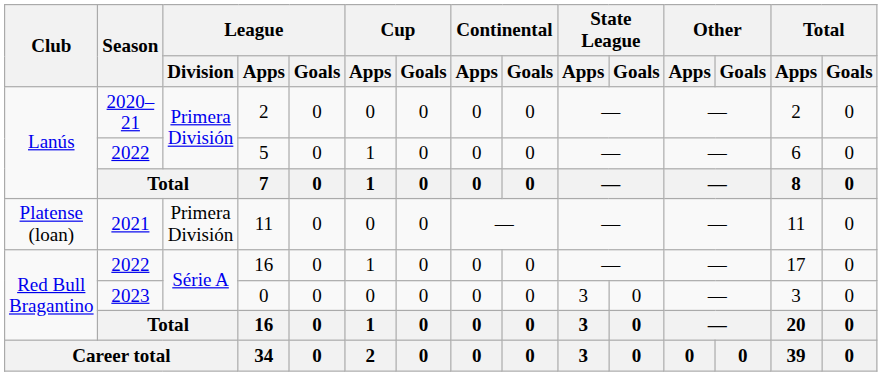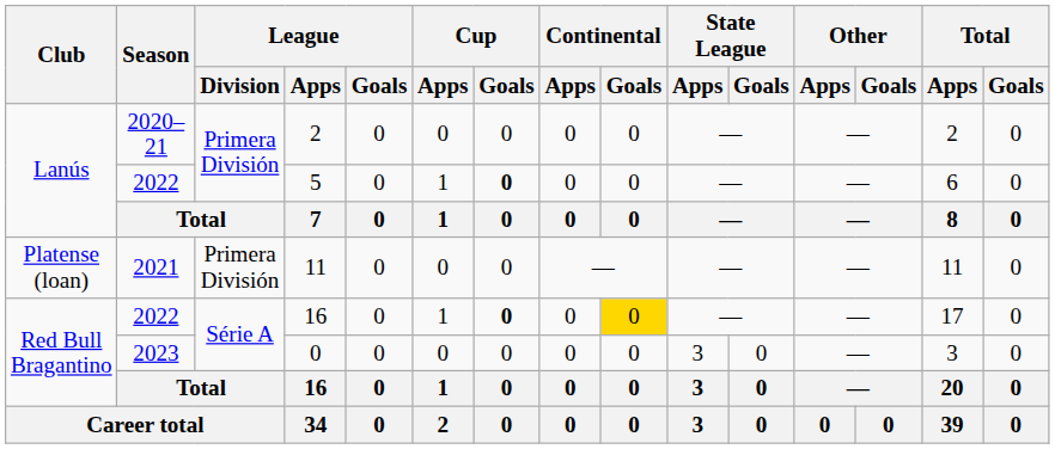 <table class="wikitable" style="text-align:center">
 <tr>
 <th rowspan="2">Club</th>
 <th rowspan="2">Season</th>
 <th colspan="3">League</th>
 <th colspan="2">Cup</th>
 <th colspan="2">Continental</th>
 <th colspan="2">State League</th>
 <th colspan="2">Other</th>
 <th colspan="2">Total</th>
 </tr>
 <tr>
 <th>Division</th>
 <th>Apps</th>
 <th>Goals</th>
 <th>Apps</th>
 <th>Goals</th>
 <th>Apps</th>
 <th>Goals</th>
 <th>Apps</th>
 <th>Goals</th>
 <th>Apps</th>
 <th>Goals</th>
 <th>Apps</th>
 <th>Goals</th>
 </tr>
 <tr>
 <td rowspan="3"><a href='#'>Lanús</a></td>
 <td><a href='#'>2020–21</a></td>
 <td rowspan="2"><a href='#'>Primera División</a></td>
 <td>2</td>
 <td>0</td>
 <td>0</td>
 <td>0</td>
 <td>0</td>
 <td>0</td>
 <td colspan="2">—</td>
 <td colspan="2">—</td>
 <td>2</td>
 <td>0</td>
 </tr>
 <tr>
 <td><a href='#'>2022</a></td>
 <td>5</td>
 <td>0</td>
 <td>1</td>
-<td>0</td>
+<td><strong>0</strong></td>
 <td>0</td>
 <td>0</td>
 <td colspan="2">—</td>
 <td colspan="2">—</td>
 <td>6</td>
 <td>0</td>
 </tr>
 <tr>
 <th colspan="2">Total</th>
 <th>7</th>
 <th>0</th>
 <th>1</th>
 <th>0</th>
 <th>0</th>
 <th>0</th>
 <th colspan="2">—</th>
 <th colspan="2">—</th>
 <th>8</th>
 <th>0</th>
 </tr>
 <tr>
 <td><a href='#'>Platense</a> (loan)</td>
 <td><a href='#'>2021</a></td>
 <td>Primera División</td>
 <td>11</td>
 <td>0</td>
 <td>0</td>
 <td>0</td>
 <td colspan="2">—</td>
 <td colspan="2">—</td>
 <td colspan="2">—</td>
 <td>11</td>
 <td>0</td>
 </tr>
 <tr>
 <td rowspan="3"><a href='#'>Red Bull Bragantino</a></td>
 <td><a href='#'>2022</a></td>
 <td rowspan="2"><a href='#'>Série A</a></td>
 <td>16</td>
 <td>0</td>
 <td>1</td>
+<td><strong>0</strong></td>
 <td>0</td>
-<td>0</td>
-<td>0</td>
+<td style="background: gold;">0</td>
 <td colspan="2">—</td>
 <td colspan="2">—</td>
 <td>17</td>
 <td>0</td>
 </tr>
 <tr>
 <td><a href='#'>2023</a></td>
 <td>0</td>
 <td>0</td>
 <td>0</td>
 <td>0</td>
 <td>0</td>
 <td>0</td>
 <td>3</td>
 <td>0</td>
 <td colspan="2">—</td>
 <td>3</td>
 <td>0</td>
 </tr>
 <tr>
 <th colspan="2">Total</th>
 <th>16</th>
 <th>0</th>
 <th>1</th>
 <th>0</th>
 <th>0</th>
 <th>0</th>
 <th>3</th>
 <th>0</th>
 <th colspan="2">—</th>
 <th>20</th>
 <th>0</th>
 </tr>
 <tr>
 <th colspan="3">Career total</th>
 <th>34</th>
 <th>0</th>
 <th>2</th>
 <th>0</th>
 <th>0</th>
 <th>0</th>
 <th>3</th>
 <th>0</th>
 <th>0</th>
 <th>0</th>
 <th>39</th>
 <th>0</th>
 </tr>
 </table>
